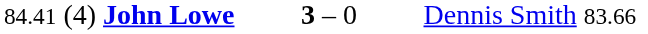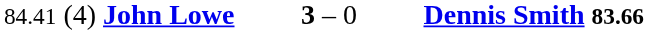 <table style="text-align:center">
 <tr>
 <th width=223></th>
 <th width=100></th>
 <th width=223></th>
 </tr>
 <tr>
 <td align=right><small>84.41</small> (4) <strong><a href='#'>John Lowe</a></strong> </td>
 <td><strong>3</strong> – 0</td>
-<td align=left> <a href='#'>Dennis Smith</a> <small>83.66</small></td>
+<td align=left><strong> <a href='#'>Dennis Smith</a> <small>83.66</small></strong></td>
 </tr>
 </table>
